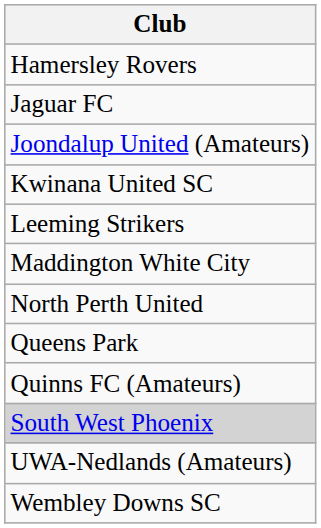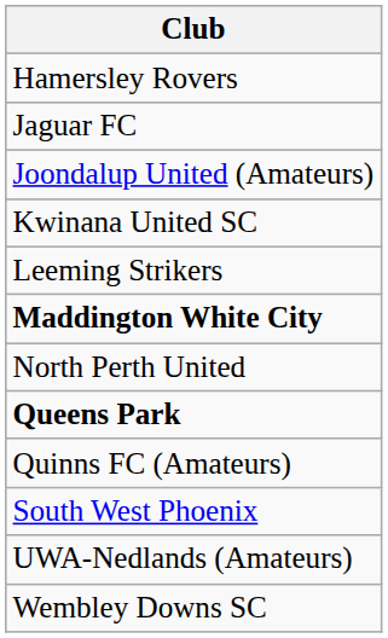 <table class="wikitable">
 <tr>
 <th>Club</th>
 </tr>
 <tr>
 <td>Hamersley Rovers</td>
 </tr>
 <tr>
 <td>Jaguar FC</td>
 </tr>
 <tr>
 <td><a href='#'>Joondalup United</a> (Amateurs)</td>
 </tr>
 <tr>
 <td>Kwinana United SC</td>
 </tr>
 <tr>
 <td>Leeming Strikers</td>
 </tr>
 <tr>
-<td>Maddington White City</td>
+<td><strong>Maddington White City</strong></td>
 </tr>
 <tr>
 <td>North Perth United</td>
 </tr>
 <tr>
-<td>Queens Park</td>
+<td><strong>Queens Park</strong></td>
 </tr>
 <tr>
 <td>Quinns FC (Amateurs)</td>
 </tr>
 <tr>
-<td style="background: lightgrey;"><a href='#'>South West Phoenix</a></td>
+<td><a href='#'>South West Phoenix</a></td>
 </tr>
 <tr>
 <td>UWA-Nedlands (Amateurs)</td>
 </tr>
 <tr>
 <td>Wembley Downs SC</td>
 </tr>
 </table>
